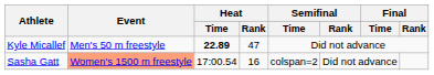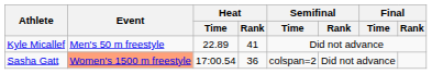 <table class=wikitable style="font-size:90%">
 <tr>
 <th rowspan="2">Athlete</th>
 <th rowspan="2">Event</th>
 <th colspan="2">Heat</th>
 <th colspan="2">Semifinal</th>
 <th colspan="2">Final</th>
 </tr>
 <tr style="font-size:95%">
 <th>Time</th>
 <th>Rank</th>
 <th>Time</th>
 <th>Rank</th>
 <th>Time</th>
 <th>Rank</th>
 </tr>
 <tr align=center>
 <td align=left><a href='#'>Kyle Micallef</a></td>
 <td align=left><a href='#'>Men's 50 m freestyle</a></td>
-<td><strong>22.89</strong></td>
-<td>47</td>
+<td>22.89</td>
+<td>41</td>
 <td colspan=4>Did not advance</td>
 </tr>
 <tr align=center>
 <td align=left><a href='#'>Sasha Gatt</a></td>
 <td align=left style="background: lightsalmon;"><a href='#'>Women's 1500 m freestyle</a></td>
 <td>17:00.54</td>
-<td>16</td>
+<td>36</td>
 <td>colspan=2 </td>
 <td colspan=2>Did not advance</td>
 </tr>
 </table>
